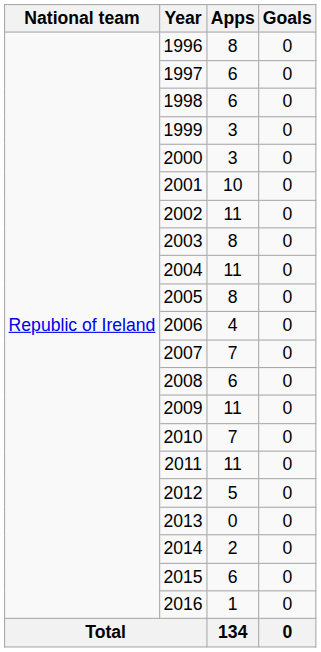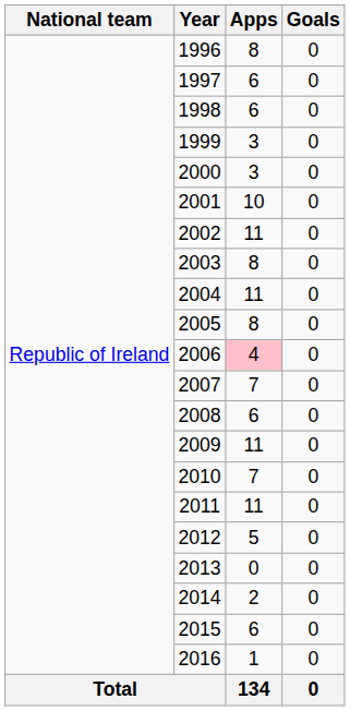 <table class="wikitable" style="text-align:center">
 <tr>
 <th>National team</th>
 <th>Year</th>
 <th>Apps</th>
 <th>Goals</th>
 </tr>
 <tr>
 <td rowspan="21"><a href='#'>Republic of Ireland</a></td>
 <td>1996</td>
 <td>8</td>
 <td>0</td>
 </tr>
 <tr>
 <td>1997</td>
 <td>6</td>
 <td>0</td>
 </tr>
 <tr>
 <td>1998</td>
 <td>6</td>
 <td>0</td>
 </tr>
 <tr>
 <td>1999</td>
 <td>3</td>
 <td>0</td>
 </tr>
 <tr>
 <td>2000</td>
 <td>3</td>
 <td>0</td>
 </tr>
 <tr>
 <td>2001</td>
 <td>10</td>
 <td>0</td>
 </tr>
 <tr>
 <td>2002</td>
 <td>11</td>
 <td>0</td>
 </tr>
 <tr>
 <td>2003</td>
 <td>8</td>
 <td>0</td>
 </tr>
 <tr>
 <td>2004</td>
 <td>11</td>
 <td>0</td>
 </tr>
 <tr>
 <td>2005</td>
 <td>8</td>
 <td>0</td>
 </tr>
 <tr>
 <td>2006</td>
-<td>4</td>
+<td style="background: pink;">4</td>
 <td>0</td>
 </tr>
 <tr>
 <td>2007</td>
 <td>7</td>
 <td>0</td>
 </tr>
 <tr>
 <td>2008</td>
 <td>6</td>
 <td>0</td>
 </tr>
 <tr>
 <td>2009</td>
 <td>11</td>
 <td>0</td>
 </tr>
 <tr>
 <td>2010</td>
 <td>7</td>
 <td>0</td>
 </tr>
 <tr>
 <td>2011</td>
 <td>11</td>
 <td>0</td>
 </tr>
 <tr>
 <td>2012</td>
 <td>5</td>
 <td>0</td>
 </tr>
 <tr>
 <td>2013</td>
 <td>0</td>
 <td>0</td>
 </tr>
 <tr>
 <td>2014</td>
 <td>2</td>
 <td>0</td>
 </tr>
 <tr>
 <td>2015</td>
 <td>6</td>
 <td>0</td>
 </tr>
 <tr>
 <td>2016</td>
 <td>1</td>
 <td>0</td>
 </tr>
 <tr>
 <th colspan="2">Total</th>
 <th>134</th>
 <th>0</th>
 </tr>
 </table>
